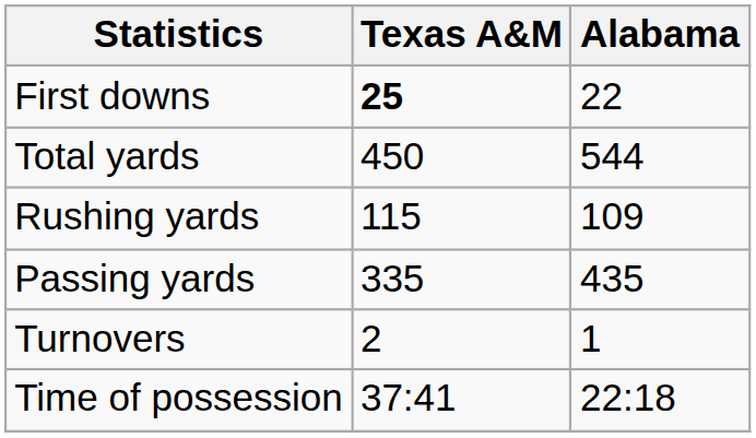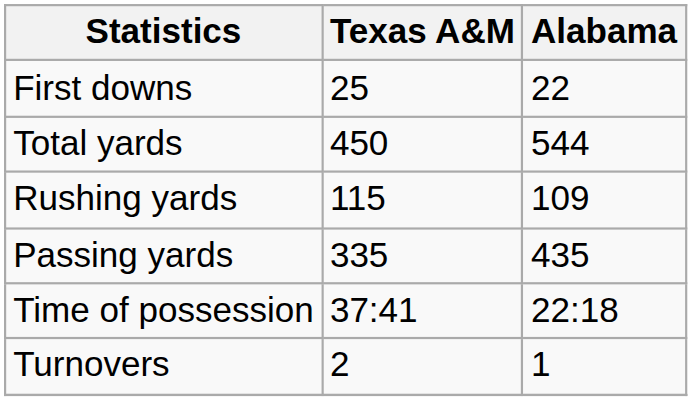 <table class="wikitable" style="float: left;">
 <tr>
 <th>Statistics</th>
 <th>Texas A&M</th>
 <th>Alabama</th>
 </tr>
 <tr>
 <td>First downs</td>
-<td><strong>25</strong></td>
+<td>25</td>
 <td>22</td>
 </tr>
 <tr>
 <td>Total yards</td>
 <td>450</td>
 <td>544</td>
 </tr>
 <tr>
 <td>Rushing yards</td>
 <td>115</td>
 <td>109</td>
 </tr>
 <tr>
 <td>Passing yards</td>
 <td>335</td>
 <td>435</td>
 </tr>
 <tr>
+<td>Time of possession</td>
+<td>37:41</td>
+<td>22:18</td>
+</tr>
+<tr>
 <td>Turnovers</td>
 <td>2</td>
 <td>1</td>
 </tr>
 <tr>
-<td>Time of possession</td>
-<td>37:41</td>
-<td>22:18</td>
-</tr>
-<tr>
 </tr>
 </table>
